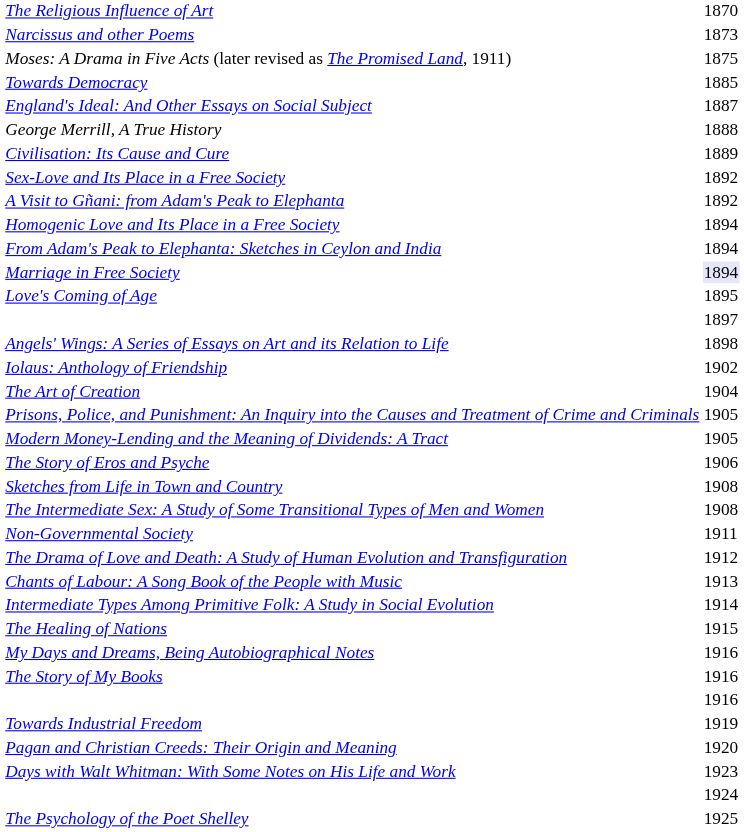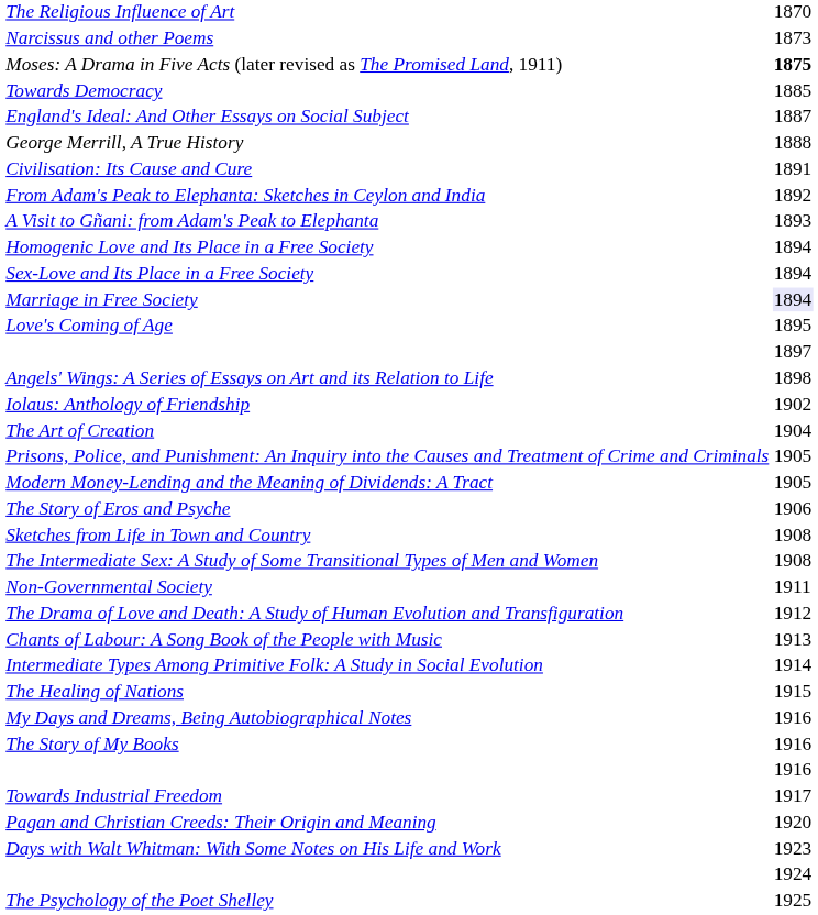 <table>
 <tr>
 <td><em><a href='#'>The Religious Influence of Art</a></em></td>
 <td>1870</td>
 </tr>
 <tr>
 <td><em><a href='#'>Narcissus and other Poems</a></em></td>
 <td>1873</td>
 </tr>
 <tr>
 <td><em>Moses: A Drama in Five Acts</em> (later revised as <em><a href='#'>The Promised Land</a></em>, 1911)</td>
-<td>1875</td>
+<td><strong>1875</strong></td>
 </tr>
 <tr>
 <td><em><a href='#'>Towards Democracy</a></em></td>
 <td>1885</td>
 </tr>
 <tr>
 <td><em><a href='#'>England's Ideal: And Other Essays on Social Subject</a></em></td>
 <td>1887</td>
 </tr>
 <tr>
 <td><em>George Merrill, A True History</em></td>
 <td>1888</td>
 </tr>
 <tr>
 <td><em><a href='#'>Civilisation: Its Cause and Cure</a></em></td>
-<td>1889</td>
+<td>1891</td>
 </tr>
 <tr>
-<td><em><a href='#'>Sex-Love and Its Place in a Free Society</a></em></td>
+<td><a href='#'><em>From Adam's Peak to Elephanta: Sketches in Ceylon and India</em></a></td>
 <td>1892</td>
 </tr>
 <tr>
 <td><a href='#'><em>A Visit to Gñani: from Adam's Peak to Elephanta</em></a></td>
-<td>1892</td>
+<td>1893</td>
 </tr>
 <tr>
 <td><em><a href='#'>Homogenic Love and Its Place in a Free Society</a></em></td>
 <td>1894</td>
 </tr>
 <tr>
-<td><a href='#'><em>From Adam's Peak to Elephanta: Sketches in Ceylon and India</em></a></td>
+<td><em><a href='#'>Sex-Love and Its Place in a Free Society</a></em></td>
 <td>1894</td>
 </tr>
 <tr>
 <td><em><a href='#'>Marriage in Free Society</a></em></td>
 <td style="background: lavender;">1894</td>
 </tr>
 <tr>
 <td><em><a href='#'>Love's Coming of Age</a></em></td>
 <td>1895</td>
 </tr>
 <tr>
 <td><em></em></td>
 <td>1897</td>
 </tr>
 <tr>
 <td><em><a href='#'>Angels' Wings: A Series of Essays on Art and its Relation to Life</a></em></td>
 <td>1898</td>
 </tr>
 <tr>
 <td><em><a href='#'>Iolaus: Anthology of Friendship</a></em></td>
 <td>1902</td>
 </tr>
 <tr>
 <td><em><a href='#'>The Art of Creation</a></em></td>
 <td>1904</td>
 </tr>
 <tr>
 <td><em><a href='#'>Prisons, Police, and Punishment: An Inquiry into the Causes and Treatment of Crime and Criminals</a></em></td>
 <td>1905</td>
 </tr>
 <tr>
 <td><em><a href='#'>Modern Money-Lending and the Meaning of Dividends: A Tract</a></em></td>
 <td>1905</td>
 </tr>
 <tr>
 <td><em><a href='#'>The Story of Eros and Psyche</a></em></td>
 <td>1906</td>
 </tr>
 <tr>
 <td><em><a href='#'>Sketches from Life in Town and Country</a></em></td>
 <td>1908</td>
 </tr>
 <tr>
 <td><em><a href='#'>The Intermediate Sex: A Study of Some Transitional Types of Men and Women</a></em></td>
 <td>1908</td>
 </tr>
 <tr>
 <td><em><a href='#'>Non-Governmental Society</a></em></td>
 <td>1911</td>
 </tr>
 <tr>
 <td><em><a href='#'>The Drama of Love and Death: A Study of Human Evolution and Transfiguration</a></em></td>
 <td>1912</td>
 </tr>
 <tr>
 <td><em><a href='#'>Chants of Labour: A Song Book of the People with Music</a></em></td>
 <td>1913</td>
 </tr>
 <tr>
 <td><em><a href='#'>Intermediate Types Among Primitive Folk: A Study in Social Evolution</a></em></td>
 <td>1914</td>
 </tr>
 <tr>
 <td><em><a href='#'>The Healing of Nations</a></em></td>
 <td>1915</td>
 </tr>
 <tr>
 <td><em><a href='#'>My Days and Dreams, Being Autobiographical Notes</a></em></td>
 <td>1916</td>
 </tr>
 <tr>
 <td><em><a href='#'>The Story of My Books</a></em></td>
 <td>1916</td>
 </tr>
 <tr>
 <td><em></em></td>
 <td>1916</td>
 </tr>
 <tr>
 <td><em><a href='#'>Towards Industrial Freedom</a></em></td>
-<td>1919</td>
+<td>1917</td>
 </tr>
 <tr>
 <td><em><a href='#'>Pagan and Christian Creeds: Their Origin and Meaning</a></em></td>
 <td>1920</td>
 </tr>
 <tr>
 <td><em><a href='#'>Days with Walt Whitman: With Some Notes on His Life and Work</a></em></td>
 <td>1923</td>
 </tr>
 <tr>
 <td><em></em></td>
 <td>1924</td>
 </tr>
 <tr>
 <td><em><a href='#'>The Psychology of the Poet Shelley</a></em></td>
 <td>1925</td>
 </tr>
 </table>
